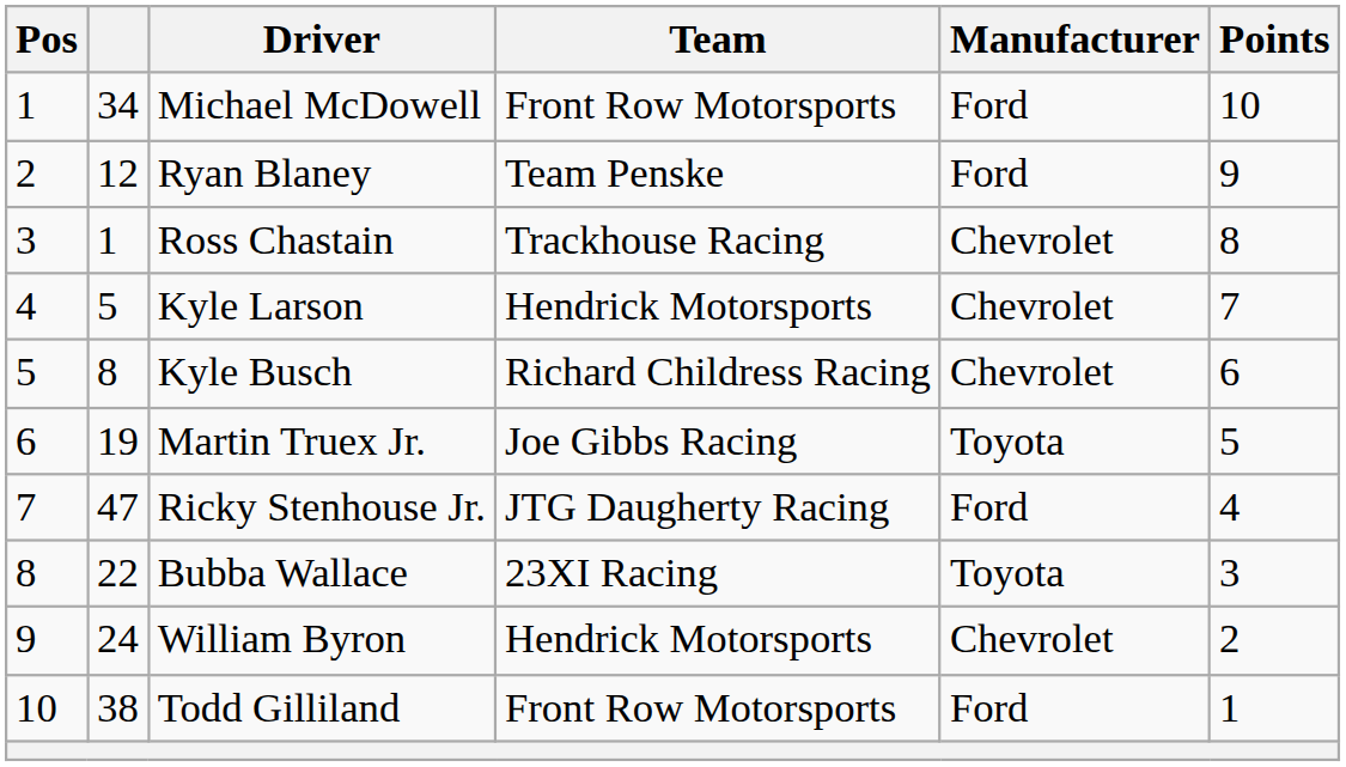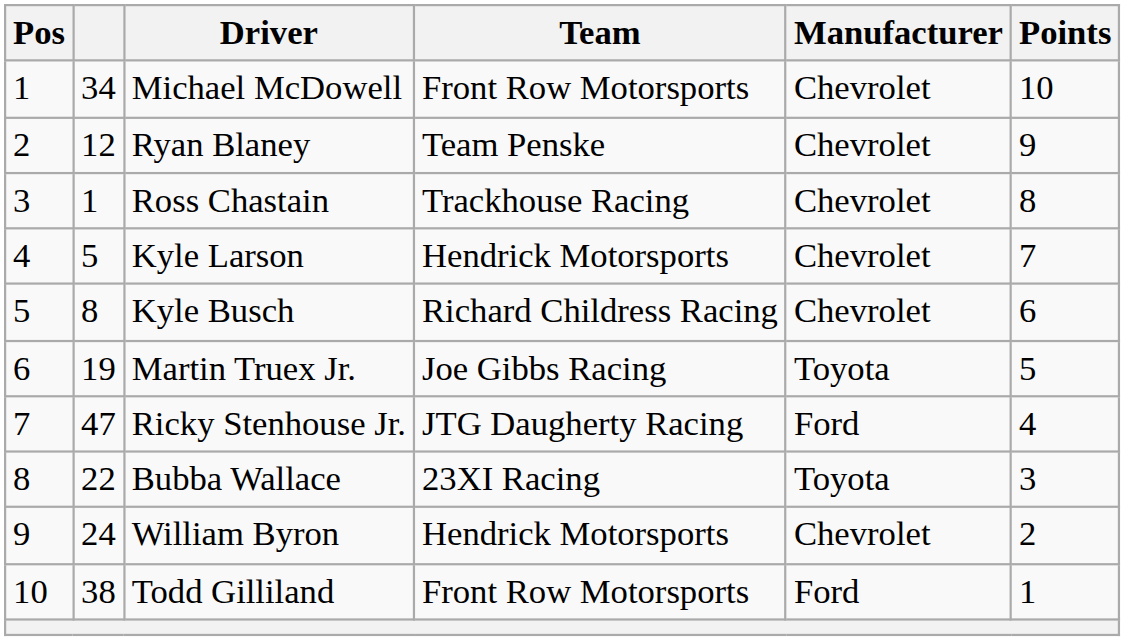 <table class="wikitable" style="font-size:98%">
 <tr>
 <th>Pos</th>
 <th></th>
 <th>Driver</th>
 <th>Team</th>
 <th>Manufacturer</th>
 <th>Points</th>
 </tr>
 <tr>
 <td>1</td>
 <td>34</td>
 <td>Michael McDowell</td>
 <td>Front Row Motorsports</td>
-<td>Ford</td>
+<td>Chevrolet</td>
 <td>10</td>
 </tr>
 <tr>
 <td>2</td>
 <td>12</td>
 <td>Ryan Blaney</td>
 <td>Team Penske</td>
-<td>Ford</td>
+<td>Chevrolet</td>
 <td>9</td>
 </tr>
 <tr>
 <td>3</td>
 <td>1</td>
 <td>Ross Chastain</td>
 <td>Trackhouse Racing</td>
 <td>Chevrolet</td>
 <td>8</td>
 </tr>
 <tr>
 <td>4</td>
 <td>5</td>
 <td>Kyle Larson</td>
 <td>Hendrick Motorsports</td>
 <td>Chevrolet</td>
 <td>7</td>
 </tr>
 <tr>
 <td>5</td>
 <td>8</td>
 <td>Kyle Busch</td>
 <td>Richard Childress Racing</td>
 <td>Chevrolet</td>
 <td>6</td>
 </tr>
 <tr>
 <td>6</td>
 <td>19</td>
 <td>Martin Truex Jr.</td>
 <td>Joe Gibbs Racing</td>
 <td>Toyota</td>
 <td>5</td>
 </tr>
 <tr>
 <td>7</td>
 <td>47</td>
 <td>Ricky Stenhouse Jr.</td>
 <td>JTG Daugherty Racing</td>
 <td>Ford</td>
 <td>4</td>
 </tr>
 <tr>
 <td>8</td>
 <td>22</td>
 <td>Bubba Wallace</td>
 <td>23XI Racing</td>
 <td>Toyota</td>
 <td>3</td>
 </tr>
 <tr>
 <td>9</td>
 <td>24</td>
 <td>William Byron</td>
 <td>Hendrick Motorsports</td>
 <td>Chevrolet</td>
 <td>2</td>
 </tr>
 <tr>
 <td>10</td>
 <td>38</td>
 <td>Todd Gilliland</td>
 <td>Front Row Motorsports</td>
 <td>Ford</td>
 <td>1</td>
 </tr>
 <tr>
 <th colspan="6"></th>
 </tr>
 </table>
